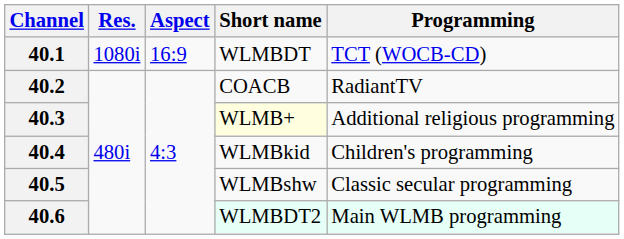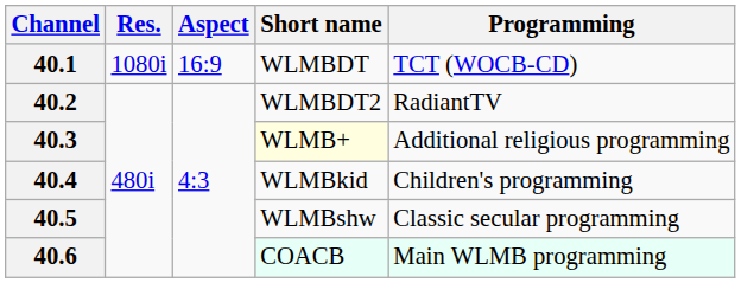 <table class="wikitable">
 <tr>
 <th scope = "col"><a href='#'>Channel</a></th>
 <th scope = "col"><a href='#'>Res.</a></th>
 <th scope = "col"><a href='#'>Aspect</a></th>
 <th scope = "col">Short name</th>
 <th scope = "col">Programming</th>
 </tr>
 <tr>
 <th scope = "row">40.1</th>
 <td><a href='#'>1080i</a></td>
 <td><a href='#'>16:9</a></td>
 <td>WLMBDT</td>
 <td><a href='#'>TCT</a> (<a href='#'>WOCB-CD</a>)</td>
 </tr>
 <tr>
 <th scope = "row">40.2</th>
 <td rowspan=5><a href='#'>480i</a></td>
 <td rowspan=5><a href='#'>4:3</a></td>
-<td>COACB</td>
+<td>WLMBDT2</td>
 <td>RadiantTV</td>
 </tr>
 <tr>
 <th scope = "row">40.3</th>
 <td style="background: lightyellow;">WLMB+</td>
 <td>Additional religious programming</td>
 </tr>
 <tr>
 <th scope = "row">40.4</th>
 <td>WLMBkid</td>
 <td>Children's programming</td>
 </tr>
 <tr>
 <th scope = "row">40.5</th>
 <td>WLMBshw</td>
 <td>Classic secular programming</td>
 </tr>
 <tr style="background-color: #E6FFF7;">
 <th scope = "row">40.6</th>
-<td>WLMBDT2</td>
+<td>COACB</td>
 <td>Main WLMB programming</td>
 </tr>
 </table>
